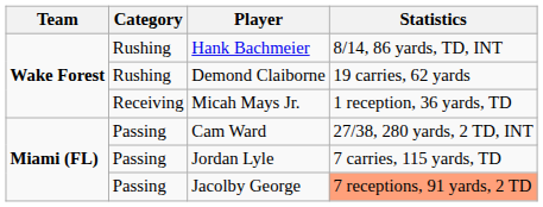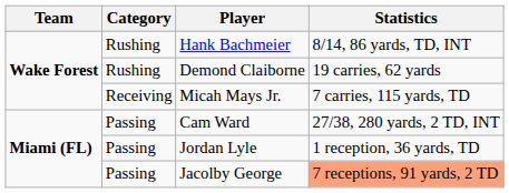 <table class="wikitable" style="float: right;">
 <tr>
 <th>Team</th>
 <th>Category</th>
 <th>Player</th>
 <th>Statistics</th>
 </tr>
 <tr>
 <td rowspan=3><strong>Wake Forest</strong></td>
 <td>Rushing</td>
 <td><a href='#'>Hank Bachmeier</a></td>
 <td>8/14, 86 yards, TD, INT</td>
 </tr>
 <tr>
 <td>Rushing</td>
 <td>Demond Claiborne</td>
 <td>19 carries, 62 yards</td>
 </tr>
 <tr>
 <td>Receiving</td>
 <td>Micah Mays Jr.</td>
-<td>1 reception, 36 yards, TD</td>
+<td>7 carries, 115 yards, TD</td>
 </tr>
 <tr>
 <td rowspan=3><strong>Miami (FL)</strong></td>
 <td>Passing</td>
 <td>Cam Ward</td>
 <td>27/38, 280 yards, 2 TD, INT</td>
 </tr>
 <tr>
 <td>Passing</td>
 <td>Jordan Lyle</td>
-<td>7 carries, 115 yards, TD</td>
+<td>1 reception, 36 yards, TD</td>
 </tr>
 <tr>
 <td>Passing</td>
 <td>Jacolby George</td>
 <td style="background: lightsalmon;">7 receptions, 91 yards, 2 TD</td>
 </tr>
 </table>
